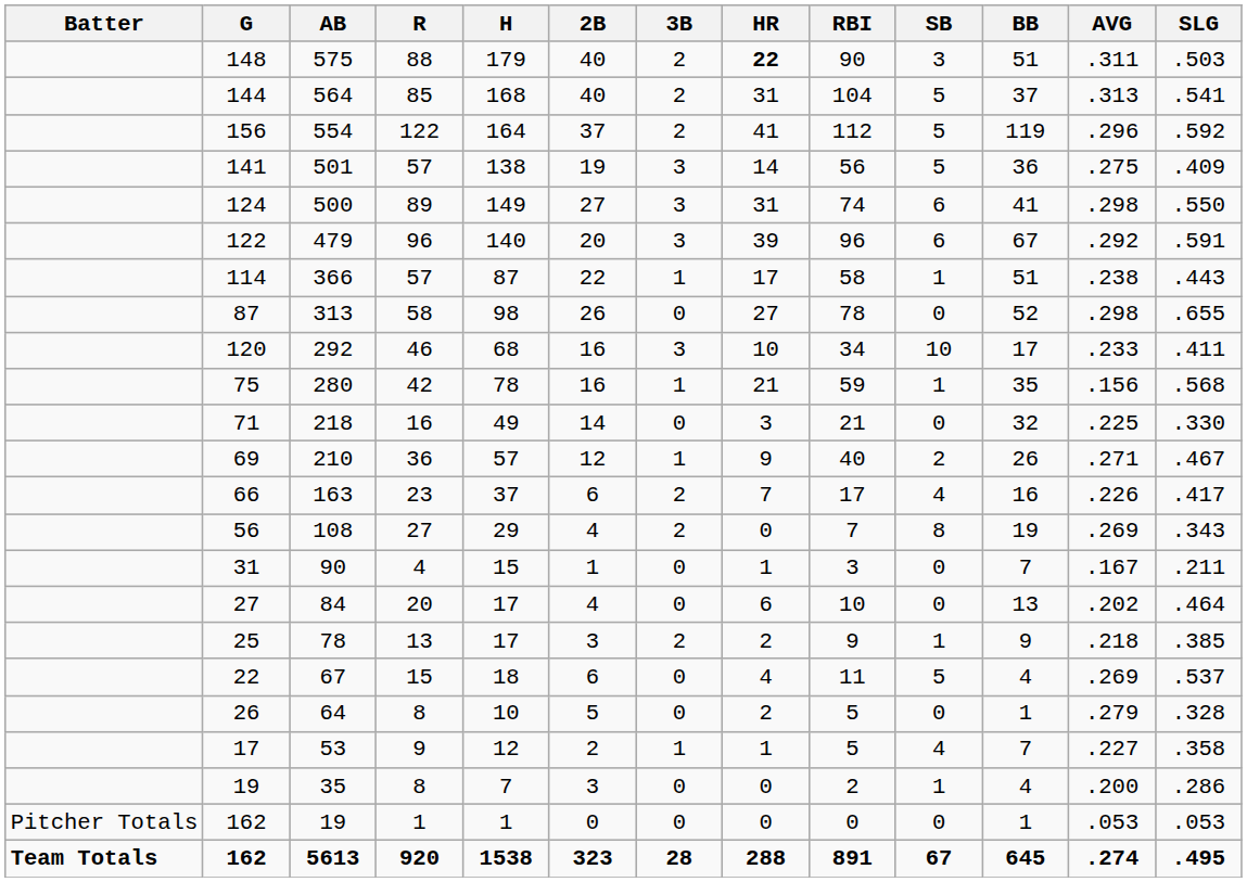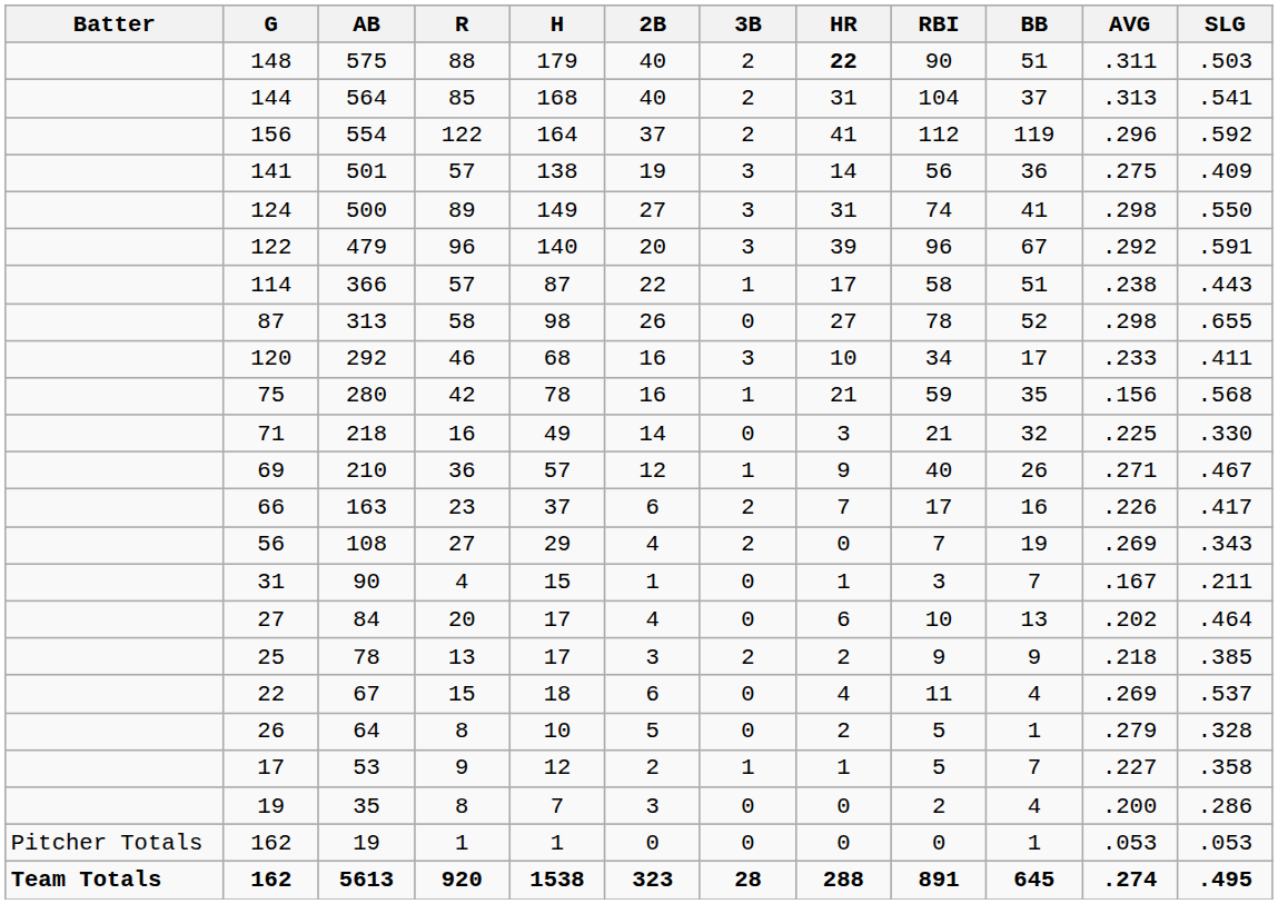 <table class="wikitable sortable sticky-header" style="text-align:center">
 <tr>
 <th bgcolor=#DDDDFF; width="16%">Batter</th>
 <th bgcolor=#DDDDFF; width="7%">G</th>
 <th bgcolor=#DDDDFF; width="7%">AB</th>
 <th bgcolor=#DDDDFF; width="7%">R</th>
 <th bgcolor=#DDDDFF; width="7%">H</th>
 <th bgcolor=#DDDDFF; width="7%">2B</th>
 <th bgcolor=#DDDDFF; width="7%">3B</th>
 <th bgcolor=#DDDDFF; width="7%">HR</th>
 <th bgcolor=#DDDDFF; width="7%">RBI</th>
-<th bgcolor=#DDDDFF; width="7%">SB</th>
 <th bgcolor=#DDDDFF; width="7%">BB</th>
 <th bgcolor=#DDDDFF; width="7%">AVG</th>
 <th bgcolor=#DDDDFF; width="7%">SLG</th>
 </tr>
 <tr>
 <td style="text-align:left"></td>
 <td>148</td>
 <td>575</td>
 <td>88</td>
 <td>179</td>
 <td>40</td>
 <td>2</td>
 <td><strong>22</strong></td>
 <td>90</td>
-<td>3</td>
 <td>51</td>
 <td>.311</td>
 <td>.503</td>
 </tr>
 <tr>
 <td style="text-align:left"></td>
 <td>144</td>
 <td>564</td>
 <td>85</td>
 <td>168</td>
 <td>40</td>
 <td>2</td>
 <td>31</td>
 <td>104</td>
-<td>5</td>
 <td>37</td>
 <td>.313</td>
 <td>.541</td>
 </tr>
 <tr>
 <td style="text-align:left"></td>
 <td>156</td>
 <td>554</td>
 <td>122</td>
 <td>164</td>
 <td>37</td>
 <td>2</td>
 <td>41</td>
 <td>112</td>
-<td>5</td>
 <td>119</td>
 <td>.296</td>
 <td>.592</td>
 </tr>
 <tr>
 <td style="text-align:left"></td>
 <td>141</td>
 <td>501</td>
 <td>57</td>
 <td>138</td>
 <td>19</td>
 <td>3</td>
 <td>14</td>
 <td>56</td>
-<td>5</td>
 <td>36</td>
 <td>.275</td>
 <td>.409</td>
 </tr>
 <tr>
 <td style="text-align:left"></td>
 <td>124</td>
 <td>500</td>
 <td>89</td>
 <td>149</td>
 <td>27</td>
 <td>3</td>
 <td>31</td>
 <td>74</td>
-<td>6</td>
 <td>41</td>
 <td>.298</td>
 <td>.550</td>
 </tr>
 <tr>
 <td style="text-align:left"></td>
 <td>122</td>
 <td>479</td>
 <td>96</td>
 <td>140</td>
 <td>20</td>
 <td>3</td>
 <td>39</td>
 <td>96</td>
-<td>6</td>
 <td>67</td>
 <td>.292</td>
 <td>.591</td>
 </tr>
 <tr>
 <td style="text-align:left"></td>
 <td>114</td>
 <td>366</td>
 <td>57</td>
 <td>87</td>
 <td>22</td>
 <td>1</td>
 <td>17</td>
 <td>58</td>
-<td>1</td>
 <td>51</td>
 <td>.238</td>
 <td>.443</td>
 </tr>
 <tr>
 <td style="text-align:left"></td>
 <td>87</td>
 <td>313</td>
 <td>58</td>
 <td>98</td>
 <td>26</td>
 <td>0</td>
 <td>27</td>
 <td>78</td>
-<td>0</td>
 <td>52</td>
 <td>.298</td>
 <td>.655</td>
 </tr>
 <tr>
 <td style="text-align:left"></td>
 <td>120</td>
 <td>292</td>
 <td>46</td>
 <td>68</td>
 <td>16</td>
 <td>3</td>
 <td>10</td>
 <td>34</td>
-<td>10</td>
 <td>17</td>
 <td>.233</td>
 <td>.411</td>
 </tr>
 <tr>
 <td style="text-align:left"></td>
 <td>75</td>
 <td>280</td>
 <td>42</td>
 <td>78</td>
 <td>16</td>
 <td>1</td>
 <td>21</td>
 <td>59</td>
-<td>1</td>
 <td>35</td>
 <td>.156</td>
 <td>.568</td>
 </tr>
 <tr>
 <td style="text-align:left"></td>
 <td>71</td>
 <td>218</td>
 <td>16</td>
 <td>49</td>
 <td>14</td>
 <td>0</td>
 <td>3</td>
 <td>21</td>
-<td>0</td>
 <td>32</td>
 <td>.225</td>
 <td>.330</td>
 </tr>
 <tr>
 <td style="text-align:left"></td>
 <td>69</td>
 <td>210</td>
 <td>36</td>
 <td>57</td>
 <td>12</td>
 <td>1</td>
 <td>9</td>
 <td>40</td>
-<td>2</td>
 <td>26</td>
 <td>.271</td>
 <td>.467</td>
 </tr>
 <tr>
 <td style="text-align:left"></td>
 <td>66</td>
 <td>163</td>
 <td>23</td>
 <td>37</td>
 <td>6</td>
 <td>2</td>
 <td>7</td>
 <td>17</td>
-<td>4</td>
 <td>16</td>
 <td>.226</td>
 <td>.417</td>
 </tr>
 <tr>
 <td style="text-align:left"></td>
 <td>56</td>
 <td>108</td>
 <td>27</td>
 <td>29</td>
 <td>4</td>
 <td>2</td>
 <td>0</td>
 <td>7</td>
-<td>8</td>
 <td>19</td>
 <td>.269</td>
 <td>.343</td>
 </tr>
 <tr>
 <td style="text-align:left"></td>
 <td>31</td>
 <td>90</td>
 <td>4</td>
 <td>15</td>
 <td>1</td>
 <td>0</td>
 <td>1</td>
 <td>3</td>
-<td>0</td>
 <td>7</td>
 <td>.167</td>
 <td>.211</td>
 </tr>
 <tr>
 <td style="text-align:left"></td>
 <td>27</td>
 <td>84</td>
 <td>20</td>
 <td>17</td>
 <td>4</td>
 <td>0</td>
 <td>6</td>
 <td>10</td>
-<td>0</td>
 <td>13</td>
 <td>.202</td>
 <td>.464</td>
 </tr>
 <tr>
 <td style="text-align:left"></td>
 <td>25</td>
 <td>78</td>
 <td>13</td>
 <td>17</td>
 <td>3</td>
 <td>2</td>
 <td>2</td>
 <td>9</td>
-<td>1</td>
 <td>9</td>
 <td>.218</td>
 <td>.385</td>
 </tr>
 <tr>
 <td style="text-align:left"></td>
 <td>22</td>
 <td>67</td>
 <td>15</td>
 <td>18</td>
 <td>6</td>
 <td>0</td>
 <td>4</td>
 <td>11</td>
-<td>5</td>
 <td>4</td>
 <td>.269</td>
 <td>.537</td>
 </tr>
 <tr>
 <td style="text-align:left"></td>
 <td>26</td>
 <td>64</td>
 <td>8</td>
 <td>10</td>
 <td>5</td>
 <td>0</td>
 <td>2</td>
 <td>5</td>
-<td>0</td>
 <td>1</td>
 <td>.279</td>
 <td>.328</td>
 </tr>
 <tr>
 <td style="text-align:left"></td>
 <td>17</td>
 <td>53</td>
 <td>9</td>
 <td>12</td>
 <td>2</td>
 <td>1</td>
 <td>1</td>
 <td>5</td>
-<td>4</td>
 <td>7</td>
 <td>.227</td>
 <td>.358</td>
 </tr>
 <tr>
 <td style="text-align:left"></td>
 <td>19</td>
 <td>35</td>
 <td>8</td>
 <td>7</td>
 <td>3</td>
 <td>0</td>
 <td>0</td>
 <td>2</td>
-<td>1</td>
 <td>4</td>
 <td>.200</td>
 <td>.286</td>
 </tr>
 <tr>
 <td style="text-align:left">Pitcher Totals</td>
 <td>162</td>
 <td>19</td>
 <td>1</td>
 <td>1</td>
-<td>0</td>
 <td>0</td>
 <td>0</td>
 <td>0</td>
 <td>0</td>
 <td>1</td>
 <td>.053</td>
 <td>.053</td>
 </tr>
 <tr>
 <td style="text-align:left"><strong>Team Totals</strong></td>
 <td><strong>162</strong></td>
 <td><strong>5613</strong></td>
 <td><strong>920</strong></td>
 <td><strong>1538</strong></td>
 <td><strong>323</strong></td>
 <td><strong>28</strong></td>
 <td><strong>288</strong></td>
 <td><strong>891</strong></td>
-<td><strong>67</strong></td>
 <td><strong>645</strong></td>
 <td><strong>.274</strong></td>
 <td><strong>.495</strong></td>
 </tr>
 </table>
